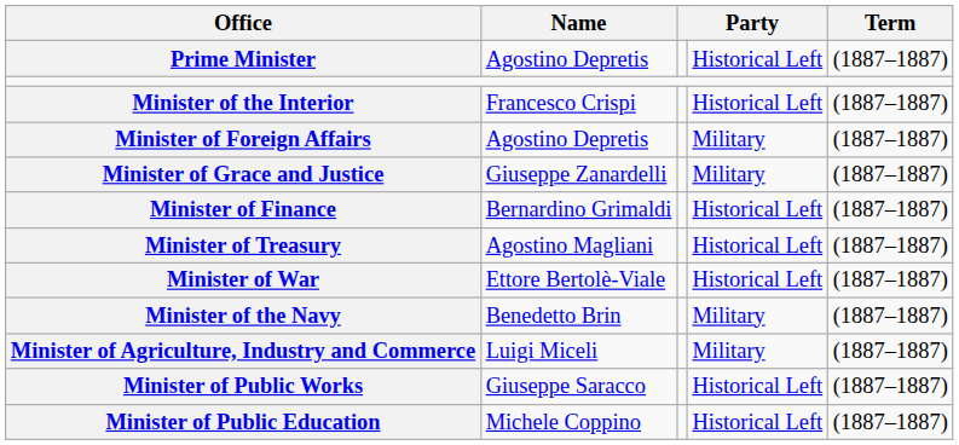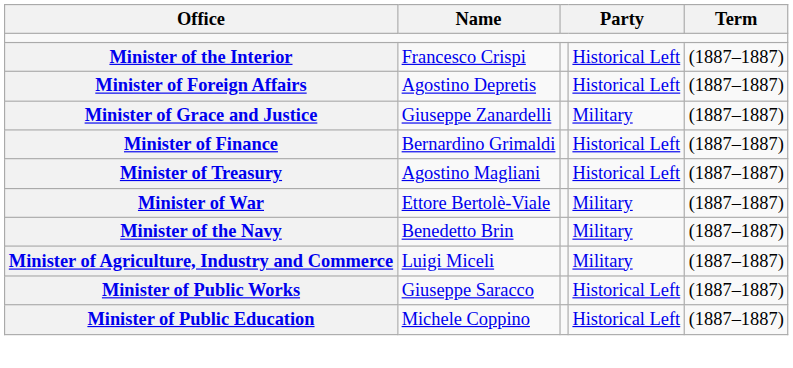 <table class="wikitable" style="font-size: 100%;">
 <tr>
 <th>Office</th>
 <th>Name</th>
 <th colspan=2>Party</th>
 <th>Term</th>
-</tr>
-<tr>
-<th><a href='#'>Prime Minister</a></th>
-<td><a href='#'>Agostino Depretis</a></td>
-<td style="color:inherit;background:"></td>
-<td><a href='#'>Historical Left</a></td>
-<td>(1887–1887)</td>
 </tr>
 <tr>
 <td colspan=5></td>
 </tr>
 <tr>
 <th><a href='#'>Minister of the Interior</a></th>
 <td><a href='#'>Francesco Crispi</a></td>
 <td style="color:inherit;background:"></td>
 <td><a href='#'>Historical Left</a></td>
 <td>(1887–1887)</td>
 </tr>
 <tr>
 <th><a href='#'>Minister of Foreign Affairs</a></th>
 <td><a href='#'>Agostino Depretis</a></td>
 <td style="color:inherit;background:"></td>
-<td><a href='#'>Military</a></td>
+<td><a href='#'>Historical Left</a></td>
 <td>(1887–1887)</td>
 </tr>
 <tr>
 <th><a href='#'>Minister of Grace and Justice</a></th>
 <td><a href='#'>Giuseppe Zanardelli</a></td>
 <td style="color:inherit;background:"></td>
 <td><a href='#'>Military</a></td>
 <td>(1887–1887)</td>
 </tr>
 <tr>
 <th><a href='#'>Minister of Finance</a></th>
 <td><a href='#'>Bernardino Grimaldi</a></td>
 <td style="color:inherit;background:"></td>
 <td><a href='#'>Historical Left</a></td>
 <td>(1887–1887)</td>
 </tr>
 <tr>
 <th><a href='#'>Minister of Treasury</a></th>
 <td><a href='#'>Agostino Magliani</a></td>
 <td style="color:inherit;background:"></td>
 <td><a href='#'>Historical Left</a></td>
 <td>(1887–1887)</td>
 </tr>
 <tr>
 <th><a href='#'>Minister of War</a></th>
 <td><a href='#'>Ettore Bertolè-Viale</a></td>
 <td style="color:inherit;background:"></td>
-<td><a href='#'>Historical Left</a></td>
+<td><a href='#'>Military</a></td>
 <td>(1887–1887)</td>
 </tr>
 <tr>
 <th><a href='#'>Minister of the Navy</a></th>
 <td><a href='#'>Benedetto Brin</a></td>
 <td style="color:inherit;background:"></td>
 <td><a href='#'>Military</a></td>
 <td>(1887–1887)</td>
 </tr>
 <tr>
 <th><a href='#'>Minister of Agriculture, Industry and Commerce</a></th>
 <td><a href='#'>Luigi Miceli</a></td>
 <td style="color:inherit;background:"></td>
 <td><a href='#'>Military</a></td>
 <td>(1887–1887)</td>
 </tr>
 <tr>
 <th><a href='#'>Minister of Public Works</a></th>
 <td><a href='#'>Giuseppe Saracco</a></td>
 <td style="color:inherit;background:"></td>
 <td><a href='#'>Historical Left</a></td>
 <td>(1887–1887)</td>
 </tr>
 <tr>
 <th><a href='#'>Minister of Public Education</a></th>
 <td><a href='#'>Michele Coppino</a></td>
 <td style="color:inherit;background:"></td>
 <td><a href='#'>Historical Left</a></td>
 <td>(1887–1887)</td>
 </tr>
 </table>
